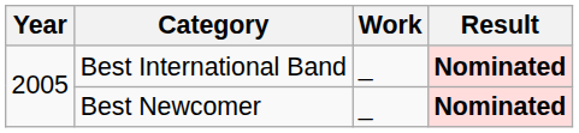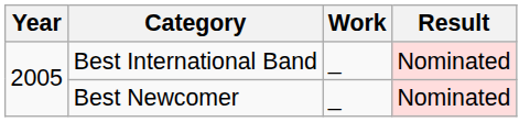 <table class="wikitable">
 <tr>
 <th>Year</th>
 <th>Category</th>
 <th>Work</th>
 <th>Result</th>
 </tr>
 <tr>
 <td rowspan="2">2005</td>
 <td>Best International Band</td>
 <td>_</td>
-<td style="background: #ffdddd" align="center" class="table-yes2"><strong>Nominated</strong></td>
+<td style="background: #ffdddd" align="center" class="table-yes2">Nominated</td>
 </tr>
 <tr>
 <td>Best Newcomer</td>
 <td>_</td>
-<td style="background: #ffdddd" align="center" class="table-yes2"><strong>Nominated</strong></td>
+<td style="background: #ffdddd" align="center" class="table-yes2">Nominated</td>
 </tr>
 </table>
